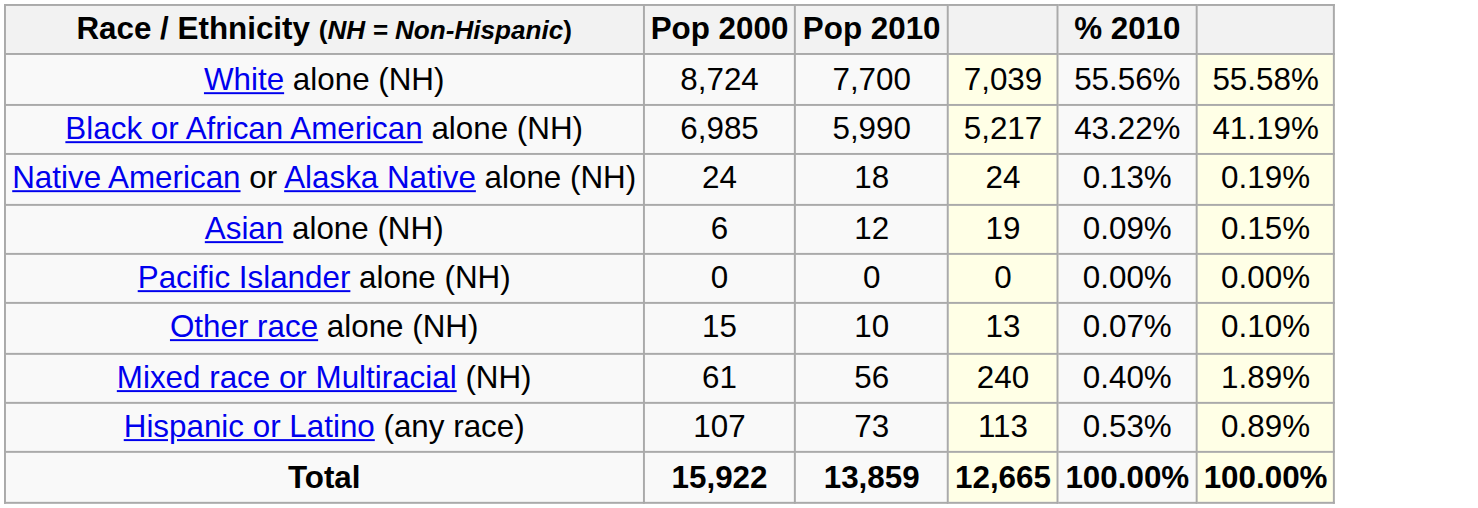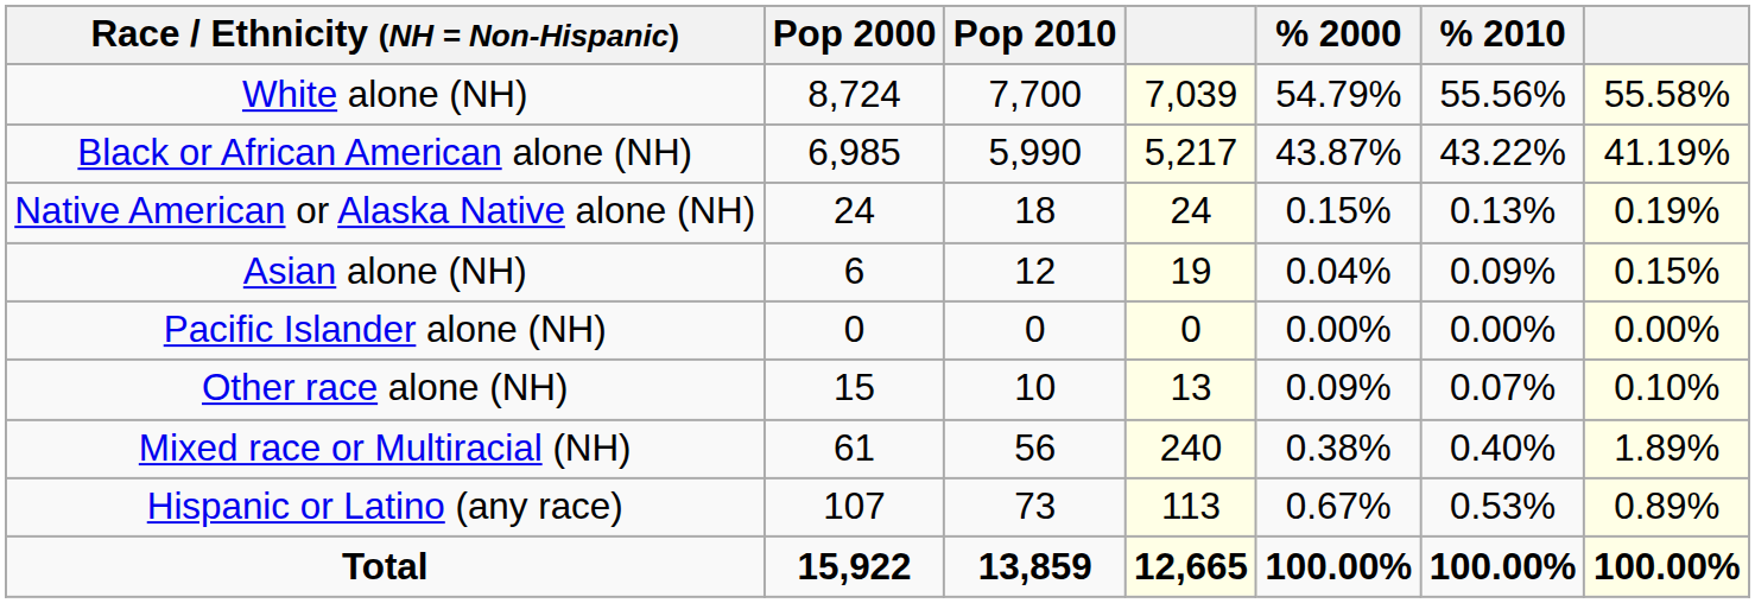 <table class="wikitable" style="text-align:center;">
 <tr>
 <th>Race / Ethnicity <small>(<em>NH = Non-Hispanic</em>)</small></th>
 <th>Pop 2000</th>
 <th>Pop 2010</th>
 <th></th>
+<th>% 2000</th>
 <th>% 2010</th>
 <th></th>
 </tr>
 <tr>
 <td><a href='#'>White</a> alone (NH)</td>
 <td>8,724</td>
 <td>7,700</td>
 <td style='background: #ffffe6;'>7,039</td>
+<td>54.79%</td>
 <td>55.56%</td>
 <td style='background: #ffffe6;'>55.58%</td>
 </tr>
 <tr>
 <td><a href='#'>Black or African American</a> alone (NH)</td>
 <td>6,985</td>
 <td>5,990</td>
 <td style='background: #ffffe6;'>5,217</td>
+<td>43.87%</td>
 <td>43.22%</td>
 <td style='background: #ffffe6;'>41.19%</td>
 </tr>
 <tr>
 <td><a href='#'>Native American</a> or <a href='#'>Alaska Native</a> alone (NH)</td>
 <td>24</td>
 <td>18</td>
 <td style='background: #ffffe6;'>24</td>
+<td>0.15%</td>
 <td>0.13%</td>
 <td style='background: #ffffe6;'>0.19%</td>
 </tr>
 <tr>
 <td><a href='#'>Asian</a> alone (NH)</td>
 <td>6</td>
 <td>12</td>
 <td style='background: #ffffe6;'>19</td>
+<td>0.04%</td>
 <td>0.09%</td>
 <td style='background: #ffffe6;'>0.15%</td>
 </tr>
 <tr>
 <td><a href='#'>Pacific Islander</a> alone (NH)</td>
 <td>0</td>
 <td>0</td>
 <td style='background: #ffffe6;'>0</td>
 <td>0.00%</td>
+<td>0.00%</td>
 <td style='background: #ffffe6;'>0.00%</td>
 </tr>
 <tr>
 <td><a href='#'>Other race</a> alone (NH)</td>
 <td>15</td>
 <td>10</td>
 <td style='background: #ffffe6;'>13</td>
+<td>0.09%</td>
 <td>0.07%</td>
 <td style='background: #ffffe6;'>0.10%</td>
 </tr>
 <tr>
 <td><a href='#'>Mixed race or Multiracial</a> (NH)</td>
 <td>61</td>
 <td>56</td>
 <td style='background: #ffffe6;'>240</td>
+<td>0.38%</td>
 <td>0.40%</td>
 <td style='background: #ffffe6;'>1.89%</td>
 </tr>
 <tr>
 <td><a href='#'>Hispanic or Latino</a> (any race)</td>
 <td>107</td>
 <td>73</td>
 <td style='background: #ffffe6;'>113</td>
+<td>0.67%</td>
 <td>0.53%</td>
 <td style='background: #ffffe6;'>0.89%</td>
 </tr>
 <tr>
 <td><strong>Total</strong></td>
 <td><strong>15,922</strong></td>
 <td><strong>13,859</strong></td>
 <td style='background: #ffffe6;'><strong>12,665</strong></td>
 <td><strong>100.00%</strong></td>
+<td><strong>100.00%</strong></td>
 <td style='background: #ffffe6;'><strong>100.00%</strong></td>
 </tr>
 </table>
